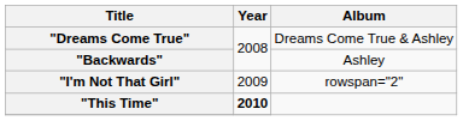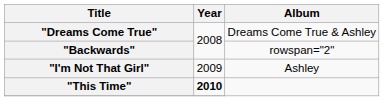 <table class="wikitable plainrowheaders" style="text-align:center">
 <tr>
 <th scope="col" style="width:16em;">Title</th>
 <th scope="col">Year</th>
 <th scope="col">Album</th>
 </tr>
 <tr>
 <th scope="row">"Dreams Come True"</th>
 <td rowspan="2">2008</td>
 <td>Dreams Come True & Ashley</td>
 </tr>
 <tr>
 <th scope="row">"Backwards"</th>
-<td>Ashley</td>
+<td>rowspan="2" </td>
 </tr>
 <tr>
 <th scope="row">"I'm Not That Girl"</th>
 <td>2009</td>
-<td>rowspan="2" </td>
+<td>Ashley</td>
 </tr>
 <tr>
 <th scope="row">"This Time"</th>
 <td><strong>2010</strong></td>
 </tr>
 <tr>
 </tr>
 </table>
